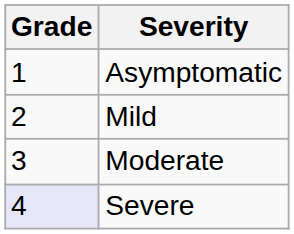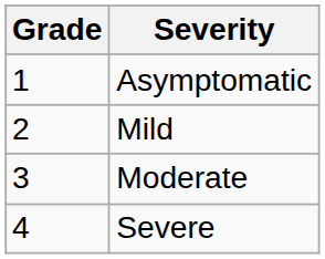 <table class="wikitable" style="float:right">
 <tr>
 <th>Grade</th>
 <th>Severity</th>
 </tr>
 <tr>
 <td>1</td>
 <td>Asymptomatic</td>
 </tr>
 <tr>
 <td>2</td>
 <td>Mild</td>
 </tr>
 <tr>
 <td>3</td>
 <td>Moderate</td>
 </tr>
 <tr>
-<td style="background: lavender;">4</td>
+<td>4</td>
 <td>Severe</td>
 </tr>
 </table>
